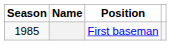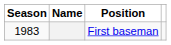 <table class="wikitable sortable plainrowheaders" style="text-align:center">
 <tr>
 <th scope="col" style="background-color:#ffffff; border-top:#">Season</th>
 <th scope="col" style="background-color:#ffffff; border-top:#">Name</th>
 <th scope="col" style="background-color:#ffffff; border-top:#">Position</th>
 <th scope="col" class="unsortable" style="background-color:#ffffff; border-top:#"></th>
 </tr>
 <tr>
-<td>1985</td>
+<td>1983</td>
 <th scope="row" style="text-align:center"></th>
 <td><a href='#'>First baseman</a></td>
 <td></td>
 </tr>
 </table>
